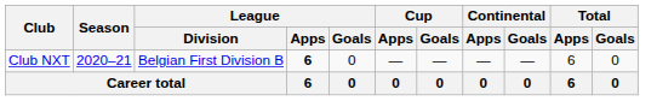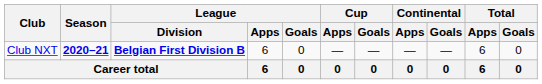 <table class=wikitable style=text-align:center>
 <tr>
 <th rowspan=2>Club</th>
 <th rowspan=2>Season</th>
 <th colspan=3>League</th>
 <th colspan=2>Cup</th>
 <th colspan=2>Continental</th>
 <th colspan=2>Total</th>
 </tr>
 <tr>
 <th>Division</th>
 <th>Apps</th>
 <th>Goals</th>
 <th>Apps</th>
 <th>Goals</th>
 <th>Apps</th>
 <th>Goals</th>
 <th>Apps</th>
 <th>Goals</th>
 </tr>
 <tr>
 <td rowspan=1><a href='#'>Club NXT</a></td>
-<td><a href='#'>2020–21</a></td>
-<td><a href='#'>Belgian First Division B</a></td>
-<td><strong>6</strong></td>
+<td><strong><a href='#'>2020–21</a></strong></td>
+<td><strong><a href='#'>Belgian First Division B</a></strong></td>
+<td>6</td>
 <td>0</td>
 <td>—</td>
 <td>—</td>
 <td>—</td>
 <td>—</td>
 <td>6</td>
 <td>0</td>
 </tr>
 <tr>
 <th colspan=3>Career total</th>
 <th>6</th>
 <th>0</th>
 <th>0</th>
 <th>0</th>
 <th>0</th>
 <th>0</th>
 <th>6</th>
 <th>0</th>
 </tr>
 </table>
